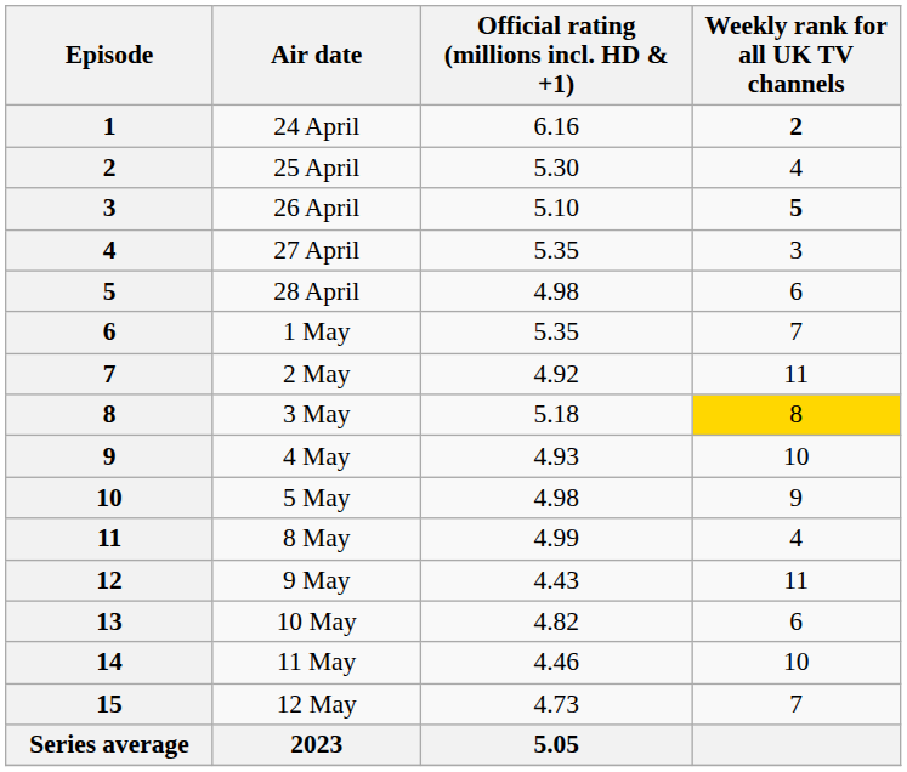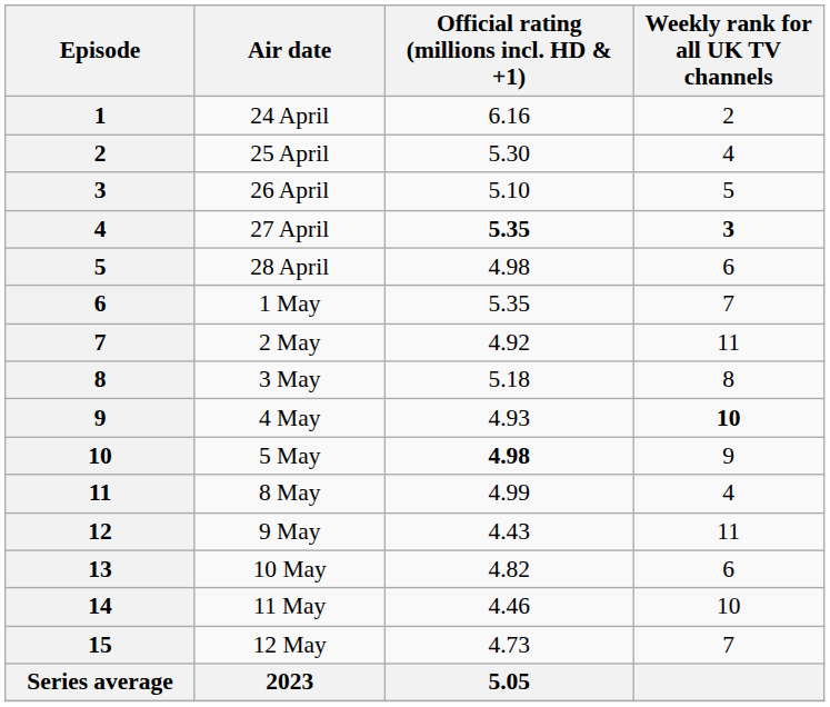 <table class="wikitable" style="text-align:center; 1em auto 1em auto">
 <tr>
 <th scope="col" style="width:120px;">Episode</th>
 <th scope="col" style="width:120px;">Air date</th>
 <th scope="col" style="width:160px;">Official rating <br> (millions incl. HD & +1)</th>
 <th scope="col" style="width:120px;">Weekly rank for all UK TV channels</th>
 </tr>
 <tr>
 <th>1</th>
 <td>24 April</td>
 <td>6.16</td>
-<td><strong>2</strong></td>
+<td>2</td>
 </tr>
 <tr>
 <th>2</th>
 <td>25 April</td>
 <td>5.30</td>
 <td>4</td>
 </tr>
 <tr>
 <th>3</th>
 <td>26 April</td>
 <td>5.10</td>
-<td><strong>5</strong></td>
+<td>5</td>
 </tr>
 <tr>
 <th>4</th>
 <td>27 April</td>
-<td>5.35</td>
-<td>3</td>
+<td><strong>5.35</strong></td>
+<td><strong>3</strong></td>
 </tr>
 <tr>
 <th>5</th>
 <td>28 April</td>
 <td>4.98</td>
 <td>6</td>
 </tr>
 <tr>
 <th>6</th>
 <td>1 May</td>
 <td>5.35</td>
 <td>7</td>
 </tr>
 <tr>
 <th>7</th>
 <td>2 May</td>
 <td>4.92</td>
 <td>11</td>
 </tr>
 <tr>
 <th>8</th>
 <td>3 May</td>
 <td>5.18</td>
-<td style="background: gold;">8</td>
+<td>8</td>
 </tr>
 <tr>
 <th>9</th>
 <td>4 May</td>
 <td>4.93</td>
-<td>10</td>
+<td><strong>10</strong></td>
 </tr>
 <tr>
 <th>10</th>
 <td>5 May</td>
-<td>4.98</td>
+<td><strong>4.98</strong></td>
 <td>9</td>
 </tr>
 <tr>
 <th>11</th>
 <td>8 May</td>
 <td>4.99</td>
 <td>4</td>
 </tr>
 <tr>
 <th>12</th>
 <td>9 May</td>
 <td>4.43</td>
 <td>11</td>
 </tr>
 <tr>
 <th>13</th>
 <td>10 May</td>
 <td>4.82</td>
 <td>6</td>
 </tr>
 <tr>
 <th>14</th>
 <td>11 May</td>
 <td>4.46</td>
 <td>10</td>
 </tr>
 <tr>
 <th>15</th>
 <td>12 May</td>
 <td>4.73</td>
 <td>7</td>
 </tr>
 <tr>
 <th>Series average</th>
 <th>2023</th>
 <th>5.05</th>
 <th></th>
 </tr>
 <tr>
 </tr>
 </table>
